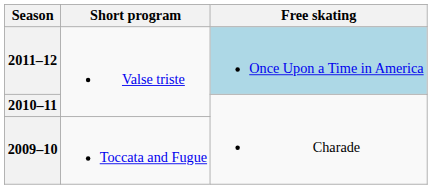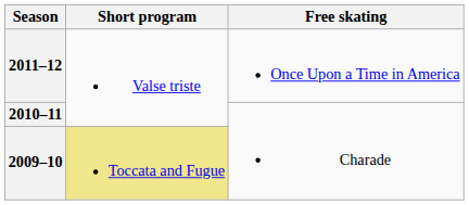 <table class="wikitable" style="text-align:center">
 <tr>
 <th>Season</th>
 <th>Short program</th>
 <th>Free skating</th>
 </tr>
 <tr>
 <th>2011–12 <br> </th>
 <td rowspan=2><br><ul><li><a href='#'>Valse triste</a> <br></li></ul></td>
-<td style="background: lightblue;"><br><ul><li><a href='#'>Once Upon a Time in America</a> <br></li></ul></td>
+<td><br><ul><li><a href='#'>Once Upon a Time in America</a> <br></li></ul></td>
 </tr>
 <tr>
 <th>2010–11</th>
 <td rowspan=2><br><ul><li>Charade <br></li></ul></td>
 </tr>
 <tr>
 <th>2009–10 <br> </th>
-<td><br><ul><li><a href='#'>Toccata and Fugue</a> <br></li></ul></td>
+<td style="background: khaki;"><br><ul><li><a href='#'>Toccata and Fugue</a> <br></li></ul></td>
 </tr>
 </table>
